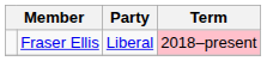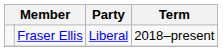 <table class="wikitable">
 <tr>
 <th colspan="2">Member</th>
 <th>Party</th>
 <th>Term</th>
 </tr>
 <tr>
 <td> </td>
 <td><a href='#'>Fraser Ellis</a></td>
 <td><a href='#'>Liberal</a></td>
-<td style="background: pink;">2018–present</td>
+<td>2018–present</td>
 </tr>
 <tr>
 </tr>
 </table>
